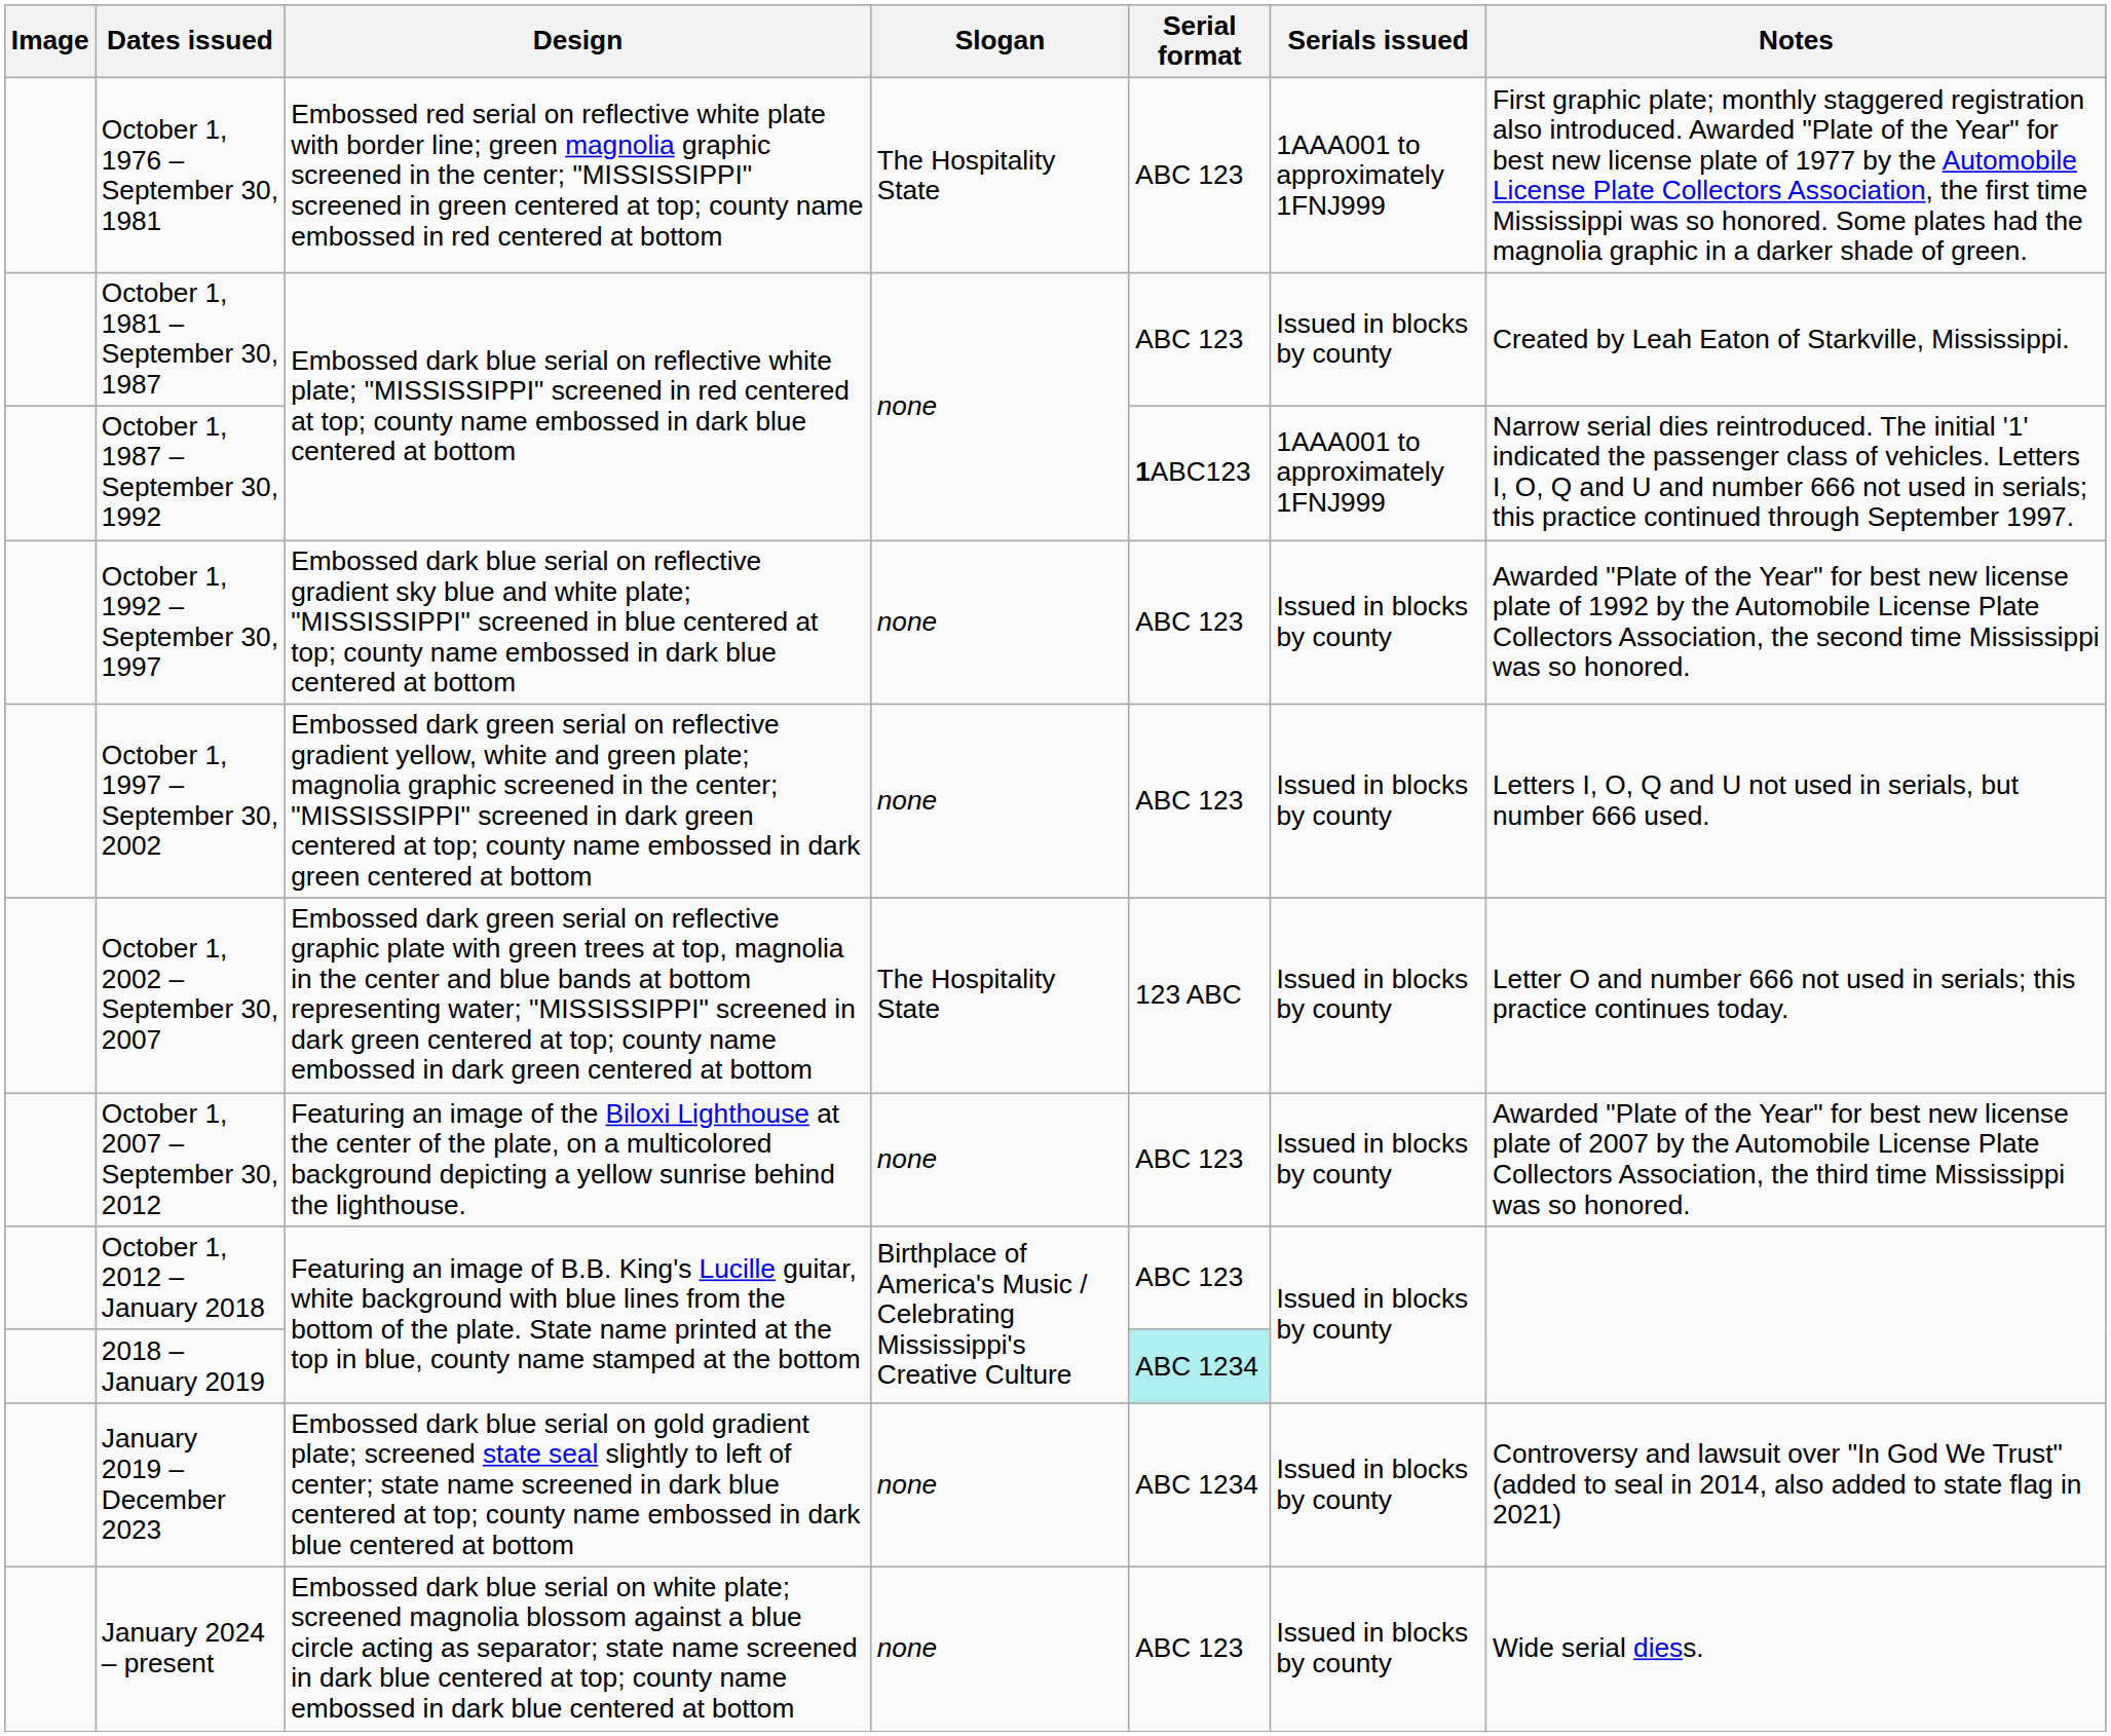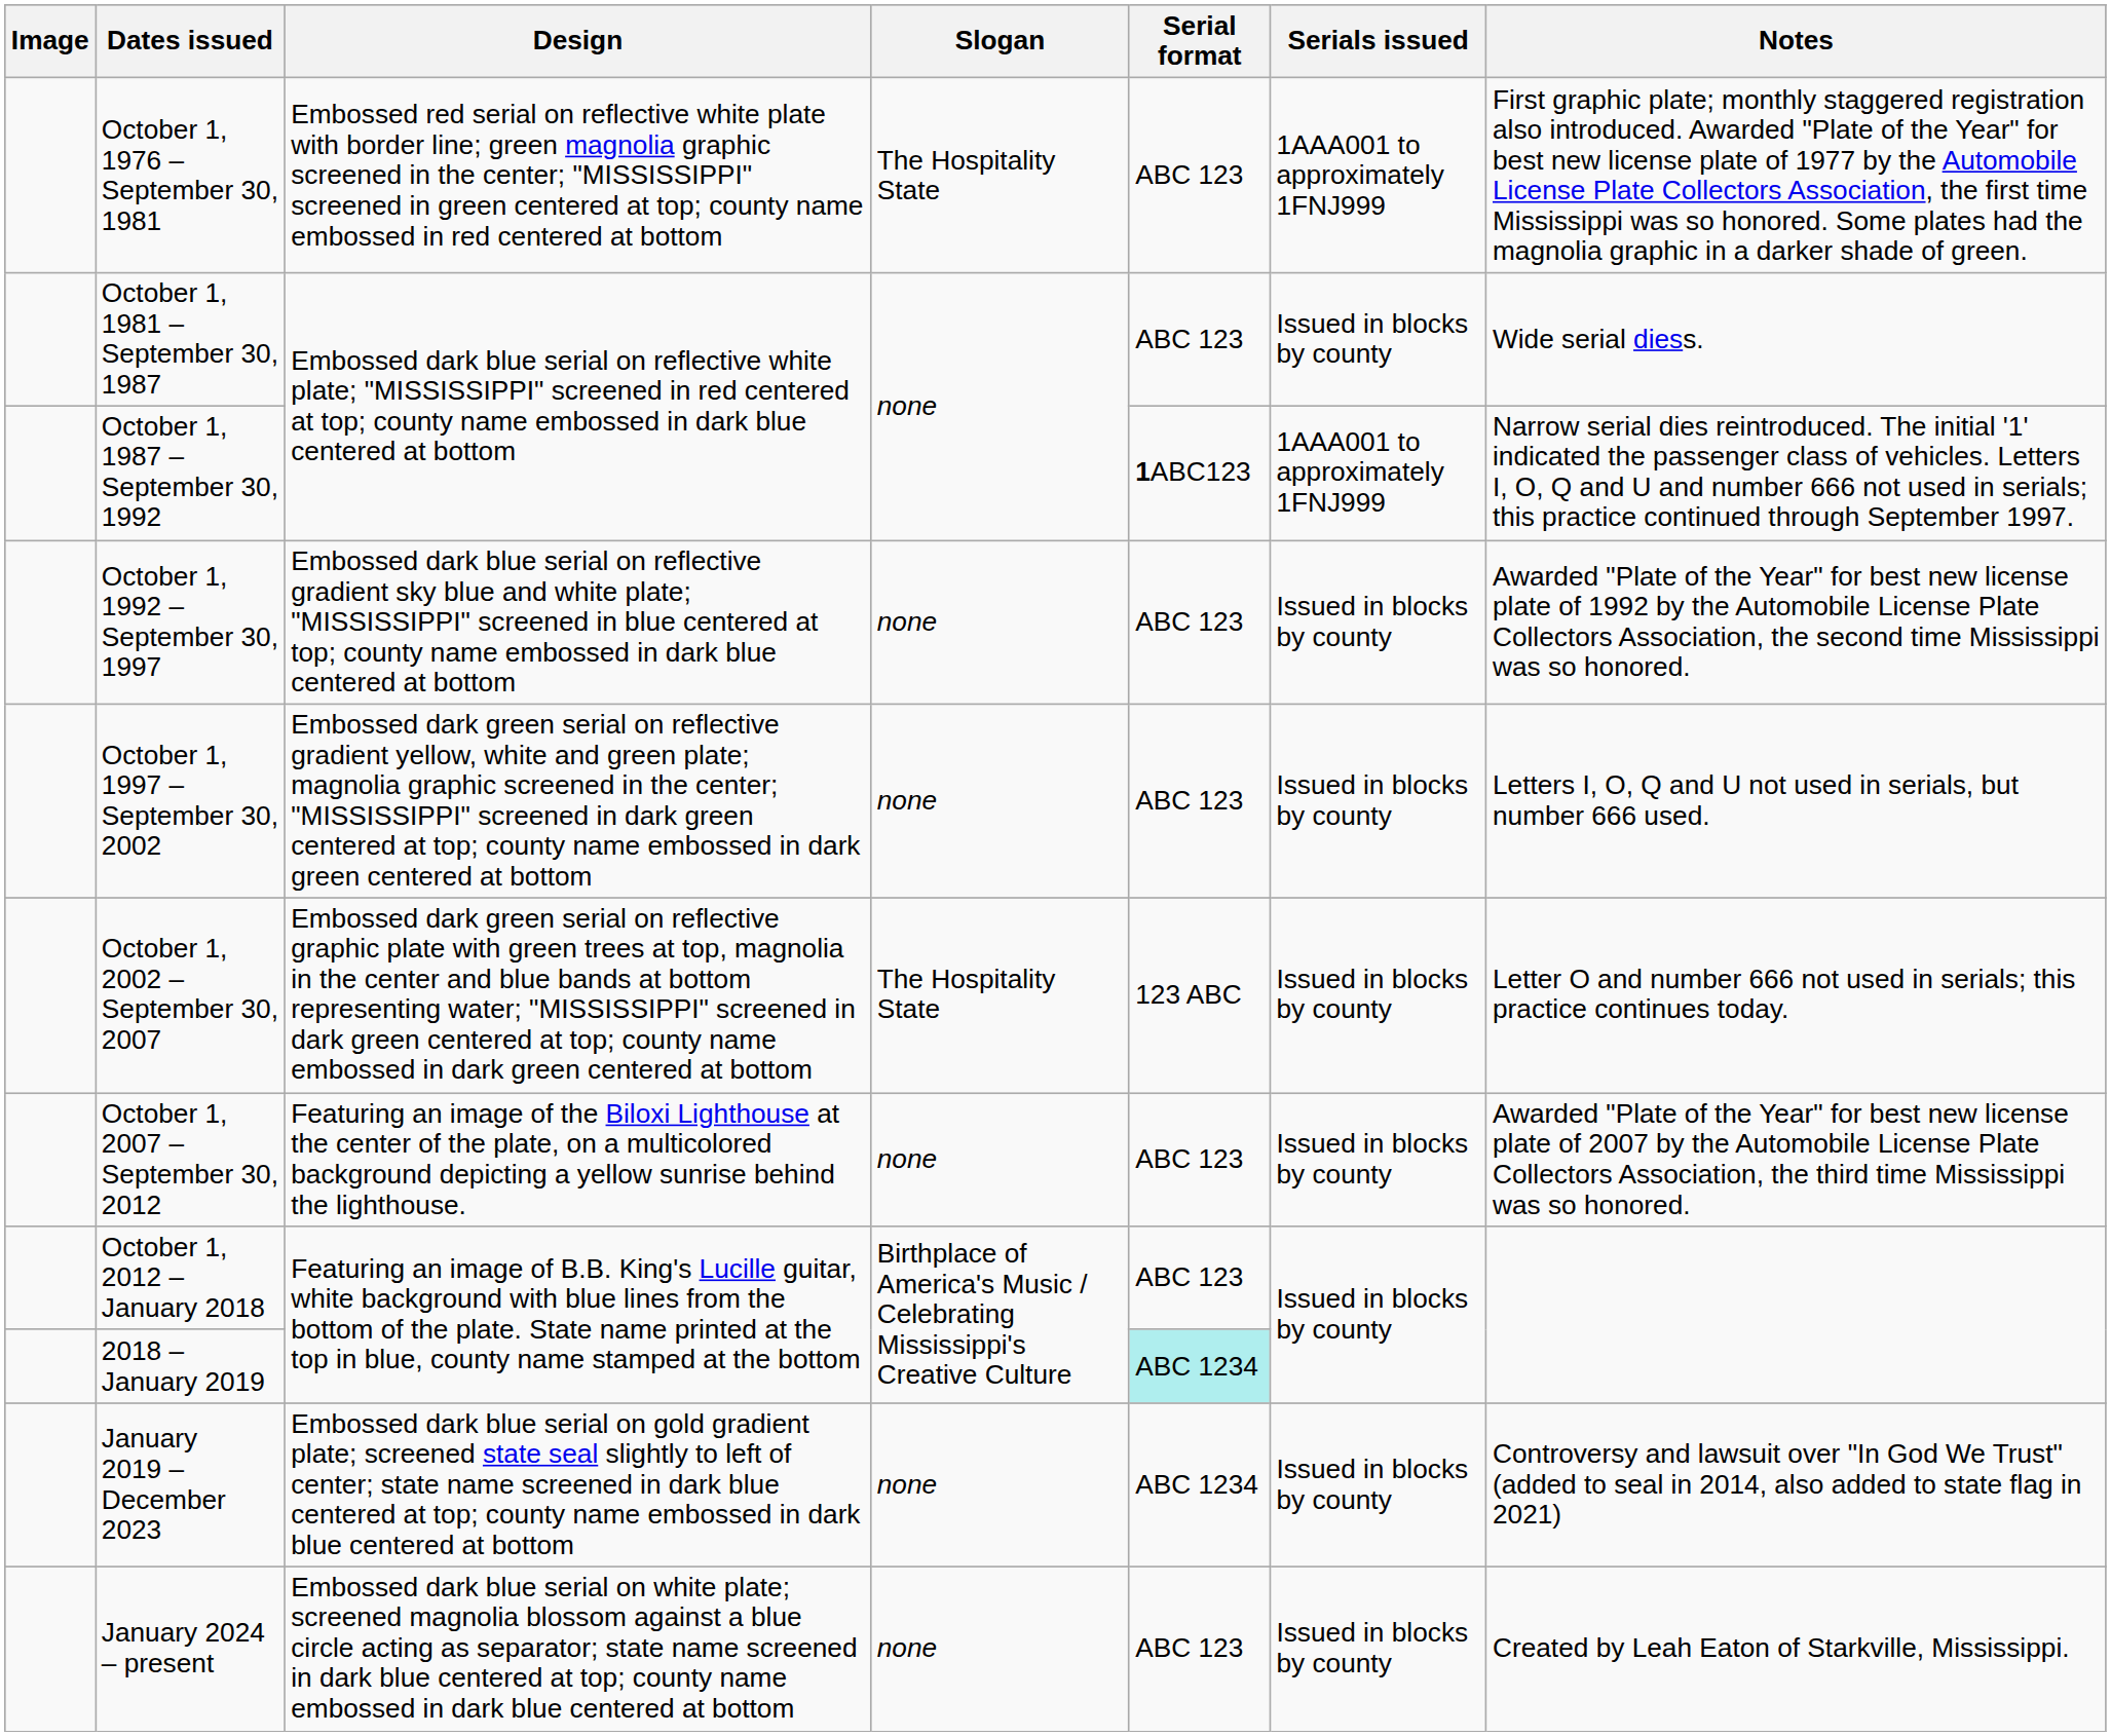 <table class="wikitable">
 <tr>
 <th>Image</th>
 <th>Dates issued</th>
 <th>Design</th>
 <th>Slogan</th>
 <th>Serial format</th>
 <th>Serials issued</th>
 <th>Notes</th>
 </tr>
 <tr>
 <td></td>
 <td>October 1, 1976 – September 30, 1981</td>
 <td>Embossed red serial on reflective white plate with border line; green <a href='#'>magnolia</a> graphic screened in the center; "MISSISSIPPI" screened in green centered at top; county name embossed in red centered at bottom</td>
 <td>The Hospitality State</td>
 <td>ABC 123</td>
 <td>1AAA001 to approximately 1FNJ999</td>
 <td>First graphic plate; monthly staggered registration also introduced. Awarded "Plate of the Year" for best new license plate of 1977 by the <a href='#'>Automobile License Plate Collectors Association</a>, the first time Mississippi was so honored. Some plates had the magnolia graphic in a darker shade of green.</td>
 </tr>
 <tr>
 <td></td>
 <td>October 1, 1981 – September 30, 1987</td>
 <td rowspan="2">Embossed dark blue serial on reflective white plate; "MISSISSIPPI" screened in red centered at top; county name embossed in dark blue centered at bottom</td>
 <td rowspan="2"><em>none</em></td>
 <td>ABC 123</td>
 <td>Issued in blocks by county</td>
-<td>Created by Leah Eaton of Starkville, Mississippi.</td>
+<td>Wide serial <a href='#'>dies</a>s.</td>
 </tr>
 <tr>
 <td></td>
 <td>October 1, 1987 – September 30, 1992</td>
 <td><strong>1</strong>ABC123</td>
 <td>1AAA001 to approximately 1FNJ999</td>
 <td>Narrow serial dies reintroduced. The initial '1' indicated the passenger class of vehicles. Letters I, O, Q and U and number 666 not used in serials; this practice continued through September 1997.</td>
 </tr>
 <tr>
 <td></td>
 <td>October 1, 1992 – September 30, 1997</td>
 <td>Embossed dark blue serial on reflective gradient sky blue and white plate; "MISSISSIPPI" screened in blue centered at top; county name embossed in dark blue centered at bottom</td>
 <td><em>none</em></td>
 <td>ABC 123</td>
 <td>Issued in blocks by county</td>
 <td>Awarded "Plate of the Year" for best new license plate of 1992 by the Automobile License Plate Collectors Association, the second time Mississippi was so honored.</td>
 </tr>
 <tr>
 <td></td>
 <td>October 1, 1997 – September 30, 2002</td>
 <td>Embossed dark green serial on reflective gradient yellow, white and green plate; magnolia graphic screened in the center; "MISSISSIPPI" screened in dark green centered at top; county name embossed in dark green centered at bottom</td>
 <td><em>none</em></td>
 <td>ABC 123</td>
 <td>Issued in blocks by county</td>
 <td>Letters I, O, Q and U not used in serials, but number 666 used.</td>
 </tr>
 <tr>
 <td></td>
 <td>October 1, 2002 – September 30, 2007</td>
 <td>Embossed dark green serial on reflective graphic plate with green trees at top, magnolia in the center and blue bands at bottom representing water; "MISSISSIPPI" screened in dark green centered at top; county name embossed in dark green centered at bottom</td>
 <td>The Hospitality State</td>
 <td>123 ABC</td>
 <td>Issued in blocks by county</td>
 <td>Letter O and number 666 not used in serials; this practice continues today.</td>
 </tr>
 <tr>
 <td></td>
 <td>October 1, 2007 – September 30, 2012</td>
 <td>Featuring an image of the <a href='#'>Biloxi Lighthouse</a> at the center of the plate, on a multicolored background depicting a yellow sunrise behind the lighthouse.</td>
 <td><em>none</em></td>
 <td>ABC 123</td>
 <td>Issued in blocks by county</td>
 <td>Awarded "Plate of the Year" for best new license plate of 2007 by the Automobile License Plate Collectors Association, the third time Mississippi was so honored.</td>
 </tr>
 <tr>
 <td></td>
 <td>October 1, 2012 – January 2018</td>
 <td rowspan="2">Featuring an image of B.B. King's <a href='#'>Lucille</a> guitar, white background with blue lines from the bottom of the plate. State name printed at the top in blue, county name stamped at the bottom</td>
 <td rowspan="2">Birthplace of America's Music / Celebrating Mississippi's Creative Culture</td>
 <td>ABC 123</td>
 <td rowspan="2">Issued in blocks by county</td>
 <td rowspan="2"></td>
 </tr>
 <tr>
 <td></td>
 <td>2018 – January 2019</td>
 <td style="background: paleturquoise;">ABC 1234</td>
 </tr>
 <tr>
 <td></td>
 <td>January 2019 – December 2023</td>
 <td>Embossed dark blue serial on gold gradient plate; screened <a href='#'>state seal</a> slightly to left of center; state name screened in dark blue centered at top; county name embossed in dark blue centered at bottom</td>
 <td><em>none</em></td>
 <td>ABC 1234</td>
 <td>Issued in blocks by county</td>
 <td>Controversy and lawsuit over "In God We Trust" (added to seal in 2014, also added to state flag in 2021)</td>
 </tr>
 <tr>
 <td></td>
 <td>January 2024 – present</td>
 <td>Embossed dark blue serial on white plate; screened magnolia blossom against a blue circle acting as separator; state name screened in dark blue centered at top; county name embossed in dark blue centered at bottom</td>
 <td><em>none</em></td>
 <td>ABC 123</td>
 <td>Issued in blocks by county</td>
-<td>Wide serial <a href='#'>dies</a>s.</td>
+<td>Created by Leah Eaton of Starkville, Mississippi.</td>
 </tr>
 </table>
